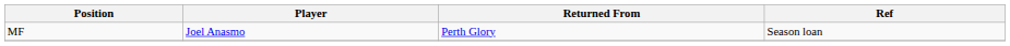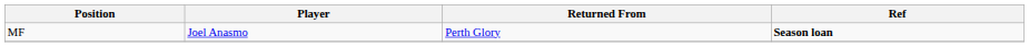 <table class="wikitable sortable" style="width:70%; text-align:center; font-size:100%; text-align:left;">
 <tr>
 <th>Position</th>
 <th>Player</th>
 <th>Returned From</th>
 <th>Ref</th>
 </tr>
 <tr>
 <td>MF</td>
 <td> <a href='#'>Joel Anasmo</a></td>
 <td> <a href='#'>Perth Glory</a></td>
-<td>Season loan</td>
+<td><strong>Season loan</strong></td>
 </tr>
 <tr>
 </tr>
 </table>
